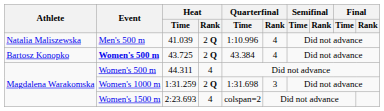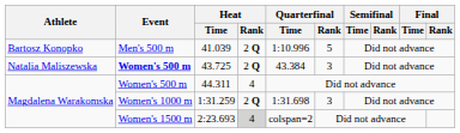 <table class="wikitable" style="font-size:90%">
 <tr>
 <th rowspan=2>Athlete</th>
 <th rowspan=2>Event</th>
 <th colspan=2>Heat</th>
 <th colspan=2>Quarterfinal</th>
 <th colspan=2>Semifinal</th>
 <th colspan=2>Final</th>
 </tr>
 <tr style="font-size:95%">
 <th>Time</th>
 <th>Rank</th>
 <th>Time</th>
 <th>Rank</th>
 <th>Time</th>
 <th>Rank</th>
 <th>Time</th>
 <th>Rank</th>
 </tr>
 <tr align=center>
-<td align=left><a href='#'>Natalia Maliszewska</a></td>
+<td align=left><a href='#'>Bartosz Konopko</a></td>
 <td align=left><a href='#'>Men's 500 m</a></td>
 <td>41.039</td>
 <td>2 <strong>Q</strong></td>
 <td>1:10.996</td>
-<td>4</td>
+<td>5</td>
 <td colspan=4>Did not advance</td>
 </tr>
 <tr align=center>
-<td align=left><a href='#'>Bartosz Konopko</a></td>
+<td align=left><a href='#'>Natalia Maliszewska</a></td>
 <td align=left><strong><a href='#'>Women's 500 m</a></strong></td>
 <td>43.725</td>
 <td>2 <strong>Q</strong></td>
 <td>43.384</td>
-<td>4</td>
+<td>3</td>
 <td colspan=4>Did not advance</td>
 </tr>
 <tr align=center>
 <td align=left rowspan=3><a href='#'>Magdalena Warakomska</a></td>
 <td align=left><a href='#'>Women's 500 m</a></td>
 <td>44.311</td>
 <td>4</td>
 <td colspan=6>Did not advance</td>
 </tr>
 <tr align=center>
 <td align=left><a href='#'>Women's 1000 m</a></td>
 <td>1:31.259</td>
 <td>2 <strong>Q</strong></td>
 <td>1:31.698</td>
 <td>3</td>
 <td colspan=4>Did not advance</td>
 </tr>
 <tr align=center>
 <td align=left><a href='#'>Women's 1500 m</a></td>
 <td>2:23.693</td>
-<td>4</td>
+<td style="background: lightgrey;">4</td>
 <td>colspan=2 </td>
 <td colspan=4>Did not advance</td>
 </tr>
 </table>
